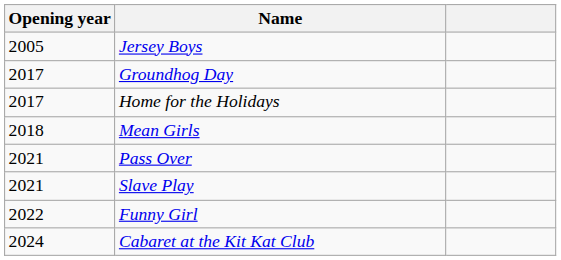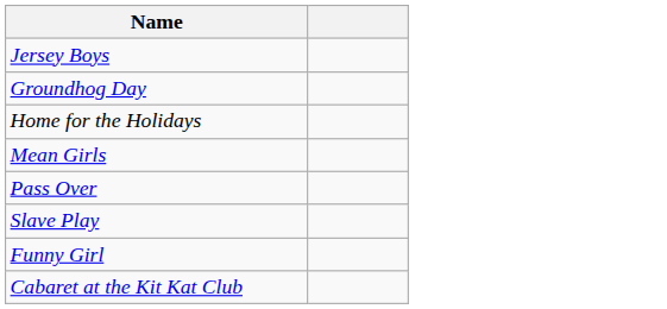 <table class="wikitable sortable collapsible">
 <tr>
-<th width=20% scope="col">Opening year</th>
 <th width=60% scope="col">Name</th>
 <th width=20% scope="col"  class="unsortable"></th>
 </tr>
 <tr>
-<td>2005</td>
 <td><em><a href='#'>Jersey Boys</a></em></td>
 <td></td>
 </tr>
 <tr>
-<td>2017</td>
 <td><em><a href='#'>Groundhog Day</a></em></td>
 <td></td>
 </tr>
 <tr>
-<td>2017</td>
 <td><em>Home for the Holidays</em></td>
 <td></td>
 </tr>
 <tr>
-<td>2018</td>
 <td><em><a href='#'>Mean Girls</a></em></td>
 <td></td>
 </tr>
 <tr>
-<td>2021</td>
 <td><em><a href='#'>Pass Over</a></em></td>
 <td></td>
 </tr>
 <tr>
-<td>2021</td>
 <td><em><a href='#'>Slave Play</a></em></td>
 <td></td>
 </tr>
 <tr>
-<td>2022</td>
 <td><em><a href='#'>Funny Girl</a></em></td>
 <td></td>
 </tr>
 <tr>
-<td>2024</td>
 <td><em><a href='#'>Cabaret at the Kit Kat Club</a></em></td>
 <td></td>
 </tr>
 </table>
